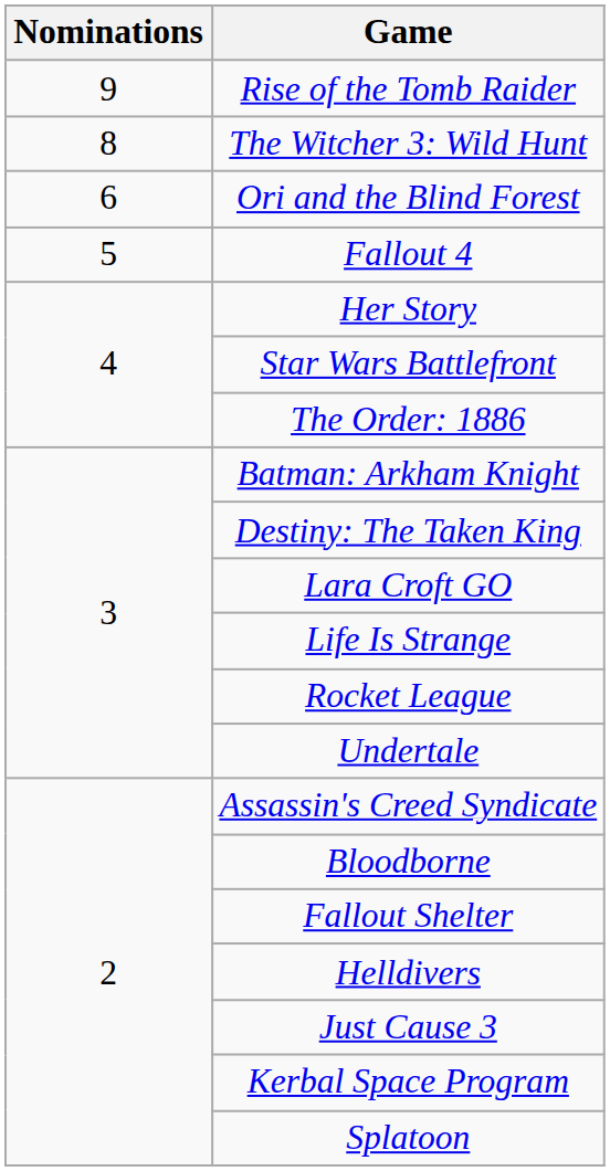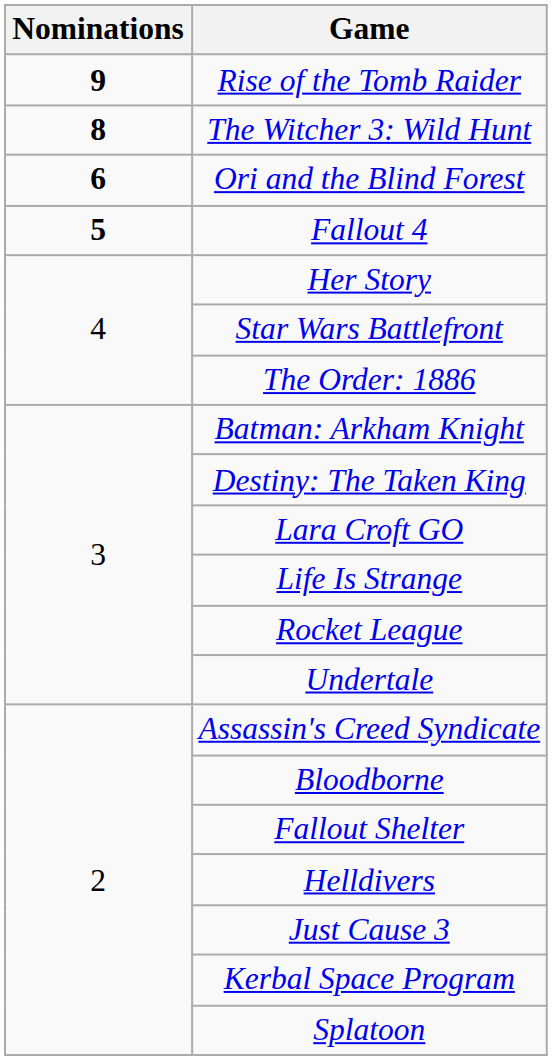 <table class="wikitable floatleft" rowspan="2" style="text-align:center;" background: #f6e39c;>
 <tr>
 <th scope="col">Nominations</th>
 <th scope="col">Game</th>
 </tr>
 <tr>
-<td>9</td>
+<td><strong>9</strong></td>
 <td><em><a href='#'>Rise of the Tomb Raider</a></em></td>
 </tr>
 <tr>
-<td>8</td>
+<td><strong>8</strong></td>
 <td><em><a href='#'>The Witcher 3: Wild Hunt</a></em></td>
 </tr>
 <tr>
-<td>6</td>
+<td><strong>6</strong></td>
 <td><em><a href='#'>Ori and the Blind Forest</a></em></td>
 </tr>
 <tr>
-<td>5</td>
+<td><strong>5</strong></td>
 <td><em><a href='#'>Fallout 4</a></em></td>
 </tr>
 <tr>
 <td rowspan=3>4</td>
 <td><em><a href='#'>Her Story</a></em></td>
 </tr>
 <tr>
 <td><em><a href='#'>Star Wars Battlefront</a></em></td>
 </tr>
 <tr>
 <td><em><a href='#'>The Order: 1886</a></em></td>
 </tr>
 <tr>
 <td rowspan=6>3</td>
 <td><em><a href='#'>Batman: Arkham Knight</a></em></td>
 </tr>
 <tr>
 <td><em><a href='#'>Destiny: The Taken King</a></em></td>
 </tr>
 <tr>
 <td><em><a href='#'>Lara Croft GO</a></em></td>
 </tr>
 <tr>
 <td><em><a href='#'>Life Is Strange</a></em></td>
 </tr>
 <tr>
 <td><em><a href='#'>Rocket League</a></em></td>
 </tr>
 <tr>
 <td><em><a href='#'>Undertale</a></em></td>
 </tr>
 <tr>
 <td rowspan=7>2</td>
 <td><em><a href='#'>Assassin's Creed Syndicate</a></em></td>
 </tr>
 <tr>
 <td><em><a href='#'>Bloodborne</a></em></td>
 </tr>
 <tr>
 <td><em><a href='#'>Fallout Shelter</a></em></td>
 </tr>
 <tr>
 <td><em><a href='#'>Helldivers</a></em></td>
 </tr>
 <tr>
 <td><em><a href='#'>Just Cause 3</a></em></td>
 </tr>
 <tr>
 <td><em><a href='#'>Kerbal Space Program</a></em></td>
 </tr>
 <tr>
 <td><em><a href='#'>Splatoon</a></em></td>
 </tr>
 </table>
